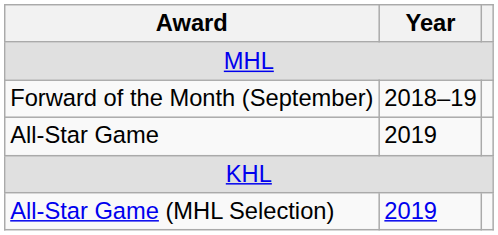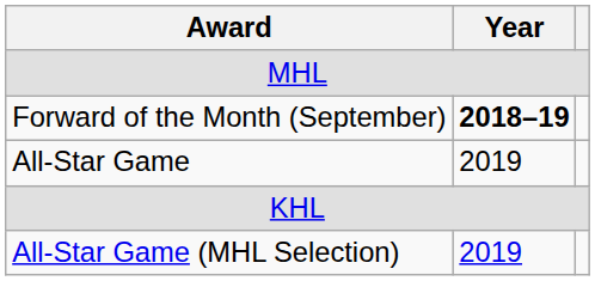 <table class="wikitable">
 <tr>
 <th>Award</th>
 <th>Year</th>
 <th></th>
 </tr>
 <tr ALIGN="center" bgcolor="#e0e0e0">
 <td colspan="3"><a href='#'>MHL</a></td>
 </tr>
 <tr>
 <td>Forward of the Month (September)</td>
-<td>2018–19</td>
+<td><strong>2018–19</strong></td>
 <td></td>
 </tr>
 <tr>
 <td>All-Star Game</td>
 <td>2019</td>
 <td></td>
 </tr>
 <tr ALIGN="center" bgcolor="#e0e0e0">
 <td colspan="3"><a href='#'>KHL</a></td>
 </tr>
 <tr>
 <td><a href='#'>All-Star Game</a> (MHL Selection)</td>
 <td><a href='#'>2019</a></td>
 <td></td>
 </tr>
 </table>
